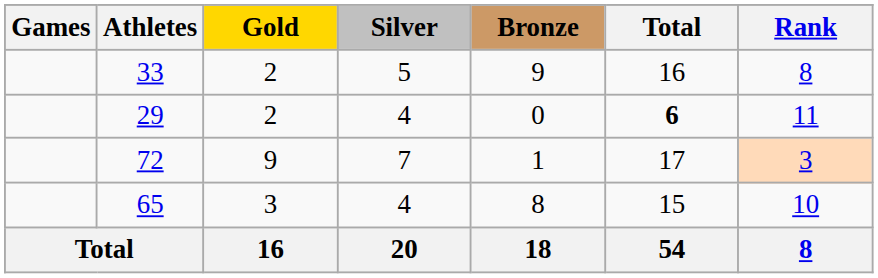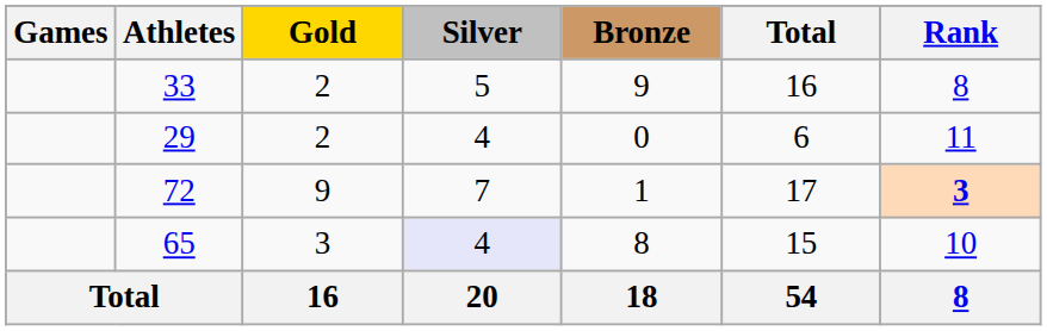 <table class="wikitable" style="text-align:center; font-size:90%;">
 <tr>
 <th>Games</th>
 <th>Athletes</th>
 <td style="background:gold; width:4.5em; font-weight:bold;">Gold</td>
 <td style="background:silver; width:4.5em; font-weight:bold;">Silver</td>
 <td style="background:#cc9966; width:4.5em; font-weight:bold;">Bronze</td>
 <th style="width:4.5em; font-weight:bold;">Total</th>
 <th style="width:4.5em; font-weight:bold;"><a href='#'>Rank</a></th>
 </tr>
 <tr>
 <td align=left></td>
 <td><a href='#'>33</a></td>
 <td>2</td>
 <td>5</td>
 <td>9</td>
 <td>16</td>
 <td><a href='#'>8</a></td>
 </tr>
 <tr>
 <td align=left></td>
 <td><a href='#'>29</a></td>
 <td>2</td>
 <td>4</td>
 <td>0</td>
-<td><strong>6</strong></td>
+<td>6</td>
 <td><a href='#'>11</a></td>
 </tr>
 <tr>
 <td align=left></td>
 <td><a href='#'>72</a></td>
 <td>9</td>
 <td>7</td>
 <td>1</td>
 <td>17</td>
-<td style="background:#ffdab9;"><a href='#'>3</a></td>
+<td style="background:#ffdab9;"><strong><a href='#'>3</a></strong></td>
 </tr>
 <tr>
 <td align=left></td>
 <td><a href='#'>65</a></td>
 <td>3</td>
-<td>4</td>
+<td style="background: lavender;">4</td>
 <td>8</td>
 <td>15</td>
 <td><a href='#'>10</a></td>
 </tr>
 <tr>
 <th colspan=2>Total</th>
 <th>16</th>
 <th>20</th>
 <th>18</th>
 <th>54</th>
 <th><a href='#'>8</a></th>
 </tr>
 </table>
